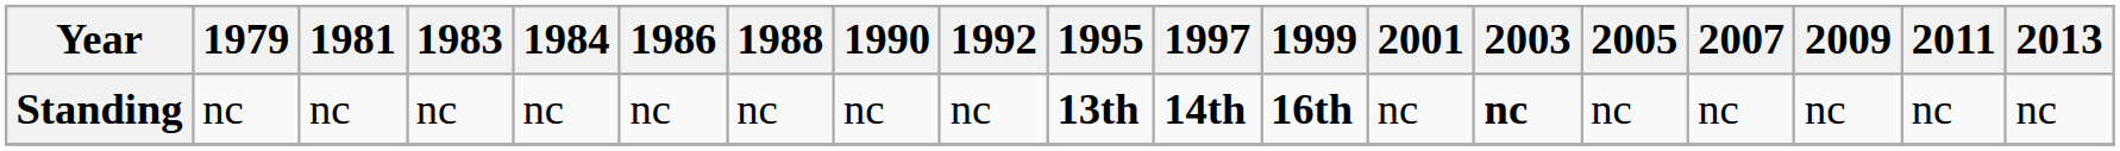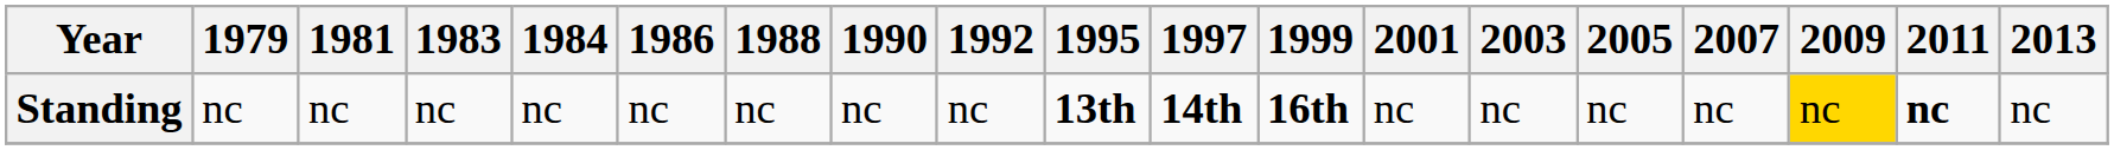 <table class="wikitable">
 <tr>
 <th>Year</th>
 <th>1979</th>
 <th>1981</th>
 <th>1983</th>
 <th>1984</th>
 <th>1986</th>
 <th>1988</th>
 <th>1990</th>
 <th>1992</th>
 <th>1995</th>
 <th>1997</th>
 <th>1999</th>
 <th>2001</th>
 <th>2003</th>
 <th>2005</th>
 <th>2007</th>
 <th>2009</th>
 <th>2011</th>
 <th>2013</th>
 </tr>
 <tr>
 <th>Standing</th>
 <td>nc</td>
 <td>nc</td>
 <td>nc</td>
 <td>nc</td>
 <td>nc</td>
 <td>nc</td>
 <td>nc</td>
 <td>nc</td>
 <td><strong>13th</strong></td>
 <td><strong>14th</strong></td>
 <td><strong>16th</strong></td>
 <td>nc</td>
-<td><strong>nc</strong></td>
 <td>nc</td>
 <td>nc</td>
 <td>nc</td>
-<td>nc</td>
+<td style="background: gold;">nc</td>
+<td><strong>nc</strong></td>
 <td>nc</td>
 </tr>
 <tr>
 </tr>
 </table>
